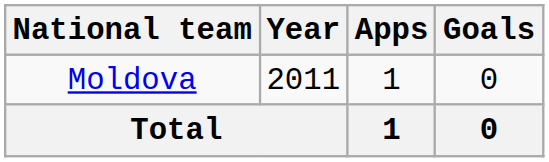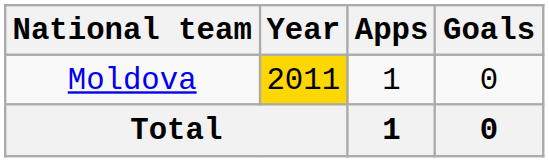 <table class="wikitable" style="text-align:center">
 <tr>
 <th>National team</th>
 <th>Year</th>
 <th>Apps</th>
 <th>Goals</th>
 </tr>
 <tr>
 <td rowspan="1"><a href='#'>Moldova</a></td>
-<td>2011</td>
+<td style="background: gold;">2011</td>
 <td>1</td>
 <td>0</td>
 </tr>
 <tr>
 <th colspan="2">Total</th>
 <th>1</th>
 <th>0</th>
 </tr>
 </table>
